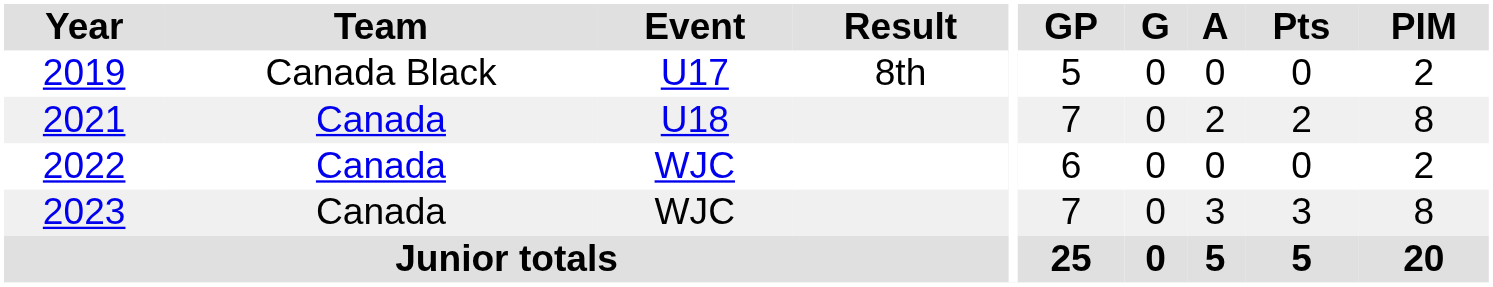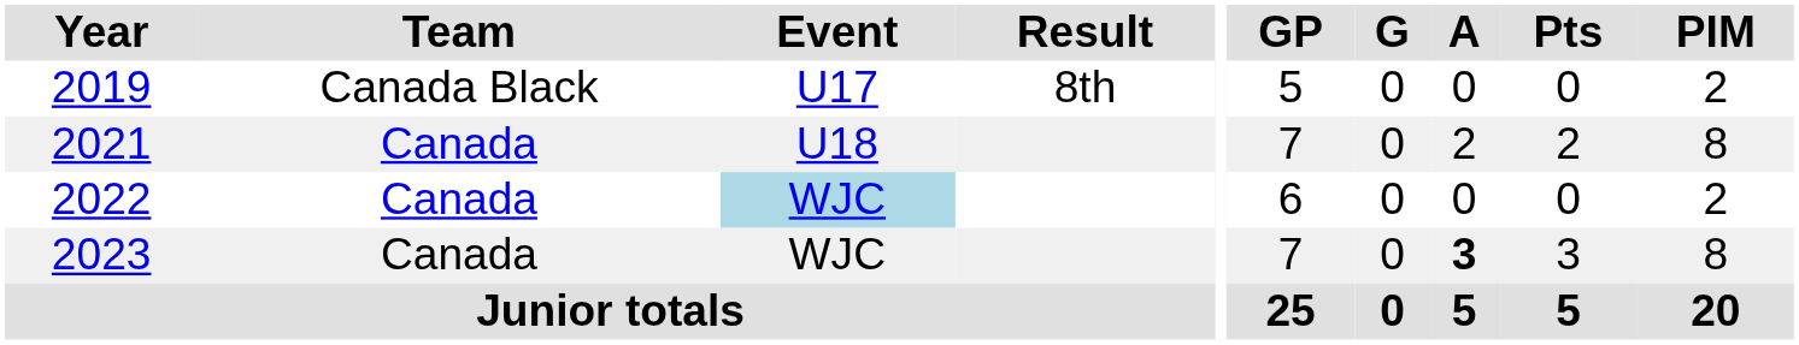 <table border="0" cellpadding="1" cellspacing="0" ID="Table3" style="text-align:center; width:40em">
 <tr bgcolor="#e0e0e0">
 <th>Year</th>
 <th>Team</th>
 <th>Event</th>
 <th>Result</th>
 <th rowspan="99" bgcolor="#ffffff"></th>
 <th>GP</th>
 <th>G</th>
 <th>A</th>
 <th>Pts</th>
 <th>PIM</th>
 </tr>
 <tr>
 <td><a href='#'>2019</a></td>
 <td>Canada Black</td>
 <td><a href='#'>U17</a></td>
 <td>8th</td>
 <td>5</td>
 <td>0</td>
 <td>0</td>
 <td>0</td>
 <td>2</td>
 </tr>
 <tr bgcolor="#f0f0f0">
 <td><a href='#'>2021</a></td>
 <td><a href='#'>Canada</a></td>
 <td><a href='#'>U18</a></td>
 <td></td>
 <td>7</td>
 <td>0</td>
 <td>2</td>
 <td>2</td>
 <td>8</td>
 </tr>
 <tr>
 <td><a href='#'>2022</a></td>
 <td><a href='#'>Canada</a></td>
-<td><a href='#'>WJC</a></td>
+<td style="background: lightblue;"><a href='#'>WJC</a></td>
 <td></td>
 <td>6</td>
 <td>0</td>
 <td>0</td>
 <td>0</td>
 <td>2</td>
 </tr>
 <tr bgcolor="#f0f0f0">
 <td><a href='#'>2023</a></td>
 <td>Canada</td>
 <td>WJC</td>
 <td></td>
 <td>7</td>
 <td>0</td>
-<td>3</td>
+<td><strong>3</strong></td>
 <td>3</td>
 <td>8</td>
 </tr>
 <tr bgcolor="#e0e0e0">
 <th colspan="4">Junior totals</th>
 <th>25</th>
 <th>0</th>
 <th>5</th>
 <th>5</th>
 <th>20</th>
 </tr>
 </table>
